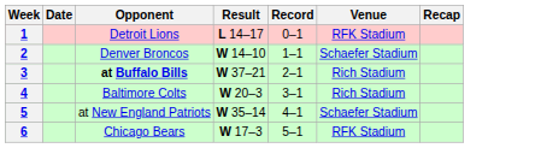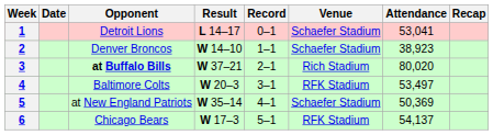 <table class="wikitable" style="text-align:center">
 <tr>
 <th>Week</th>
 <th>Date</th>
 <th>Opponent</th>
 <th>Result</th>
 <th>Record</th>
 <th>Venue</th>
+<th>Attendance</th>
 <th>Recap</th>
 </tr>
 <tr style="background:#fcc">
 <th><a href='#'>1</a></th>
 <td></td>
 <td><a href='#'>Detroit Lions</a></td>
 <td><strong>L</strong> 14–17</td>
 <td>0–1</td>
-<td><a href='#'>RFK Stadium</a></td>
+<td><a href='#'>Schaefer Stadium</a></td>
+<td>53,041</td>
 <td></td>
 </tr>
 <tr style="background:#cfc">
 <th><a href='#'>2</a></th>
 <td></td>
 <td><a href='#'>Denver Broncos</a></td>
 <td><strong>W</strong> 14–10</td>
 <td>1–1</td>
 <td><a href='#'>Schaefer Stadium</a></td>
+<td>38,923</td>
 <td></td>
 </tr>
 <tr style="background:#cfc">
 <th><a href='#'>3</a></th>
 <td></td>
 <td><strong>at <a href='#'>Buffalo Bills</a></strong></td>
 <td><strong>W</strong> 37–21</td>
 <td>2–1</td>
 <td><a href='#'>Rich Stadium</a></td>
+<td>80,020</td>
 <td></td>
 </tr>
 <tr style="background:#cfc">
 <th><a href='#'>4</a></th>
 <td></td>
 <td><a href='#'>Baltimore Colts</a></td>
 <td><strong>W</strong> 20–3</td>
 <td>3–1</td>
-<td><a href='#'>Rich Stadium</a></td>
+<td><a href='#'>RFK Stadium</a></td>
+<td>53,497</td>
 <td></td>
 </tr>
 <tr style="background:#cfc">
 <th><a href='#'>5</a></th>
 <td></td>
 <td>at <a href='#'>New England Patriots</a></td>
 <td><strong>W</strong> 35–14</td>
 <td>4–1</td>
 <td><a href='#'>Schaefer Stadium</a></td>
+<td>50,369</td>
 <td></td>
 </tr>
 <tr style="background:#cfc">
 <th><a href='#'>6</a></th>
 <td></td>
 <td><a href='#'>Chicago Bears</a></td>
 <td><strong>W</strong> 17–3</td>
 <td>5–1</td>
 <td><a href='#'>RFK Stadium</a></td>
+<td>54,137</td>
 <td></td>
 </tr>
 </table>
